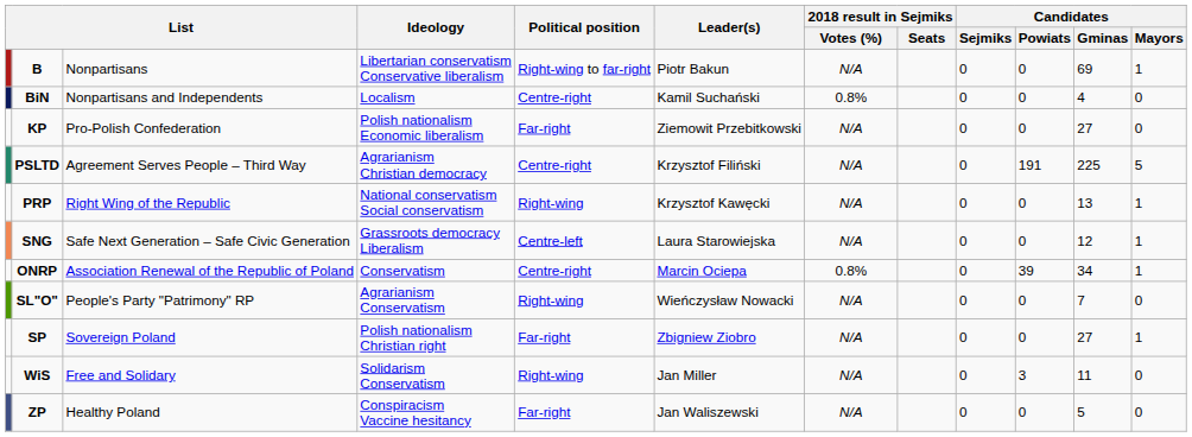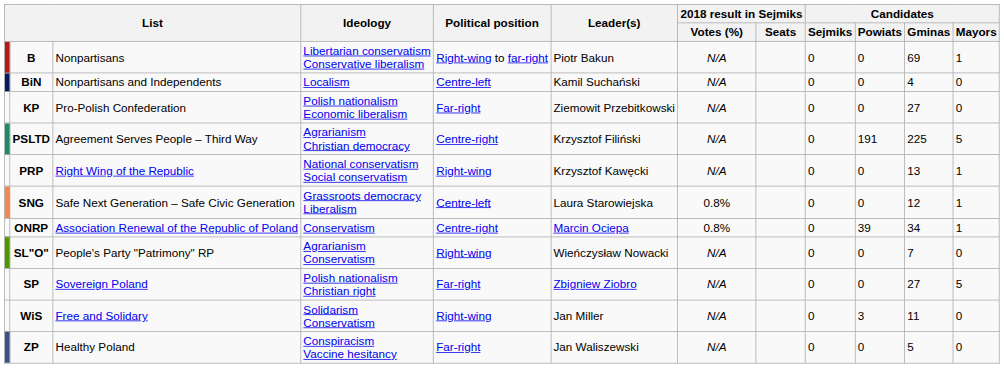 <table class="wikitable sortable mw-collapsible mw-collapsed" style="font-size:95%;">
 <tr>
 <th colspan="3" rowspan="2">List</th>
 <th rowspan="2">Ideology</th>
 <th rowspan="2">Political position</th>
 <th rowspan="2">Leader(s)</th>
 <th colspan="2">2018 result in Sejmiks</th>
 <th colspan="5">Candidates</th>
 </tr>
 <tr>
 <th>Votes (%)</th>
 <th>Seats</th>
 <th>Sejmiks</th>
 <th>Powiats</th>
 <th>Gminas</th>
 <th>Mayors</th>
 </tr>
 <tr>
 <td style="background:#B01A19;"></td>
 <td style="text-align:center;"><strong>B</strong></td>
 <td>Nonpartisans<br></td>
 <td><a href='#'>Libertarian conservatism</a><br><a href='#'>Conservative liberalism</a></td>
 <td><a href='#'>Right-wing</a> to <a href='#'>far-right</a></td>
 <td>Piotr Bakun</td>
 <td style="text-align:center;"><em>N/A</em></td>
 <td></td>
 <td>0</td>
 <td>0</td>
 <td>69</td>
 <td>1</td>
 </tr>
 <tr>
 <td style="background:#0A195C;"></td>
 <td style="text-align:center;"><strong>BiN</strong></td>
 <td>Nonpartisans and Independents<br></td>
 <td><a href='#'>Localism</a></td>
-<td><a href='#'>Centre-right</a></td>
+<td><a href='#'>Centre-left</a></td>
 <td>Kamil Suchański</td>
-<td style="text-align:center;">0.8%</td>
+<td style="text-align:center;"><em>N/A</em></td>
 <td></td>
 <td>0</td>
 <td>0</td>
 <td>4</td>
 <td>0</td>
 </tr>
 <tr>
 <td style="background:"></td>
 <td style="text-align:center;"><strong>KP</strong></td>
 <td>Pro-Polish Confederation<br></td>
 <td><a href='#'>Polish nationalism</a><br><a href='#'>Economic liberalism</a></td>
 <td><a href='#'>Far-right</a></td>
 <td>Ziemowit Przebitkowski</td>
 <td style="text-align:center;"><em>N/A</em></td>
 <td></td>
 <td>0</td>
 <td>0</td>
 <td>27</td>
 <td>0</td>
 </tr>
 <tr>
 <td style="background:#23876B;"></td>
 <td style="text-align:center;"><strong>PSLTD</strong></td>
 <td>Agreement Serves People – Third Way<br></td>
 <td><a href='#'>Agrarianism</a><br><a href='#'>Christian democracy</a></td>
 <td><a href='#'>Centre-right</a></td>
 <td>Krzysztof Filiński</td>
 <td style="text-align:center;"><em>N/A</em></td>
 <td></td>
 <td>0</td>
 <td>191</td>
 <td>225</td>
 <td>5</td>
 </tr>
 <tr>
 <td style="background:"></td>
 <td style="text-align:center;"><strong>PRP</strong></td>
 <td><a href='#'>Right Wing of the Republic</a><br></td>
 <td><a href='#'>National conservatism</a><br><a href='#'>Social conservatism</a></td>
 <td><a href='#'>Right-wing</a></td>
 <td>Krzysztof Kawęcki</td>
 <td style="text-align:center;"><em>N/A</em></td>
 <td></td>
 <td>0</td>
 <td>0</td>
 <td>13</td>
 <td>1</td>
 </tr>
 <tr>
 <td style="background:#F28753;"></td>
 <td style="text-align:center;"><strong>SNG</strong></td>
 <td>Safe Next Generation – Safe Civic Generation<br></td>
 <td><a href='#'>Grassroots democracy</a><br><a href='#'>Liberalism</a></td>
 <td><a href='#'>Centre-left</a></td>
 <td>Laura Starowiejska</td>
-<td style="text-align:center;"><em>N/A</em></td>
+<td style="text-align:center;">0.8%</td>
 <td></td>
 <td>0</td>
 <td>0</td>
 <td>12</td>
 <td>1</td>
 </tr>
 <tr>
 <td style="background:"></td>
 <td style="text-align:center;"><strong>ONRP</strong></td>
 <td><a href='#'>Association Renewal of the Republic of Poland</a><br></td>
 <td><a href='#'>Conservatism</a></td>
 <td><a href='#'>Centre-right</a></td>
 <td><a href='#'>Marcin Ociepa</a></td>
 <td style="text-align:center;">0.8%</td>
 <td></td>
 <td>0</td>
 <td>39</td>
 <td>34</td>
 <td>1</td>
 </tr>
 <tr>
 <td style="background:#4D9700;"></td>
 <td style="text-align:center;"><strong>SL"O"</strong></td>
 <td>People's Party "Patrimony" RP<br></td>
 <td><a href='#'>Agrarianism</a><br><a href='#'>Conservatism</a></td>
 <td><a href='#'>Right-wing</a></td>
 <td>Wieńczysław Nowacki</td>
 <td style="text-align:center;"><em>N/A</em></td>
 <td></td>
 <td>0</td>
 <td>0</td>
 <td>7</td>
 <td>0</td>
 </tr>
 <tr>
 <td style="background:"></td>
 <td style="text-align:center;"><strong>SP</strong></td>
 <td><a href='#'>Sovereign Poland</a><br></td>
 <td><a href='#'>Polish nationalism</a><br><a href='#'>Christian right</a></td>
 <td><a href='#'>Far-right</a></td>
 <td><a href='#'>Zbigniew Ziobro</a></td>
 <td style="text-align:center;"><em>N/A</em></td>
 <td></td>
 <td>0</td>
 <td>0</td>
 <td>27</td>
-<td>1</td>
+<td>5</td>
 </tr>
 <tr>
 <td style="background:"></td>
 <td style="text-align:center;"><strong>WiS</strong></td>
 <td><a href='#'>Free and Solidary</a><br></td>
 <td><a href='#'>Solidarism</a><br><a href='#'>Conservatism</a></td>
 <td><a href='#'>Right-wing</a></td>
 <td>Jan Miller</td>
 <td style="text-align:center;"><em>N/A</em></td>
 <td></td>
 <td>0</td>
 <td>3</td>
 <td>11</td>
 <td>0</td>
 </tr>
 <tr>
 <td style="background:#3F4F84;"></td>
 <td style="text-align:center;"><strong>ZP</strong></td>
 <td>Healthy Poland<br></td>
 <td><a href='#'>Conspiracism</a><br><a href='#'>Vaccine hesitancy</a></td>
 <td><a href='#'>Far-right</a></td>
 <td>Jan Waliszewski</td>
 <td style="text-align:center;"><em>N/A</em></td>
 <td></td>
 <td>0</td>
 <td>0</td>
 <td>5</td>
 <td>0</td>
 </tr>
 </table>
